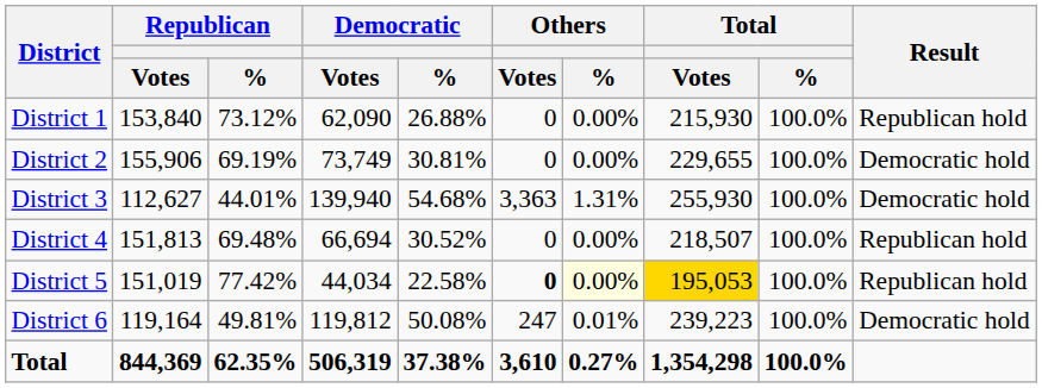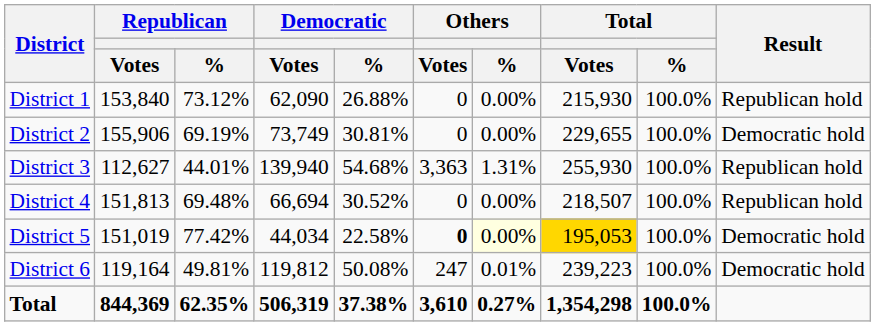 <table class="wikitable plainrowheaders sortable" style="text-align:right;">
 <tr>
 <th scope=col rowspan=3><a href='#'>District</a></th>
 <th scope=col colspan=2><a href='#'>Republican</a></th>
 <th scope=col colspan=2><a href='#'>Democratic</a></th>
 <th scope=col colspan=2>Others</th>
 <th scope=col colspan=2>Total</th>
 <th scope=col rowspan=3>Result</th>
 </tr>
 <tr>
 <th scope=col colspan=2 style="background:"></th>
 <th scope=col colspan=2 style="background:"></th>
 <th scope=col colspan=2></th>
 <th scope=col colspan=2></th>
 </tr>
 <tr>
 <th scope=col data-sort-type="number">Votes</th>
 <th scope=col data-sort-type="number">%</th>
 <th scope=col data-sort-type="number">Votes</th>
 <th scope=col data-sort-type="number">%</th>
 <th scope=col data-sort-type="number">Votes</th>
 <th scope=col data-sort-type="number">%</th>
 <th scope=col data-sort-type="number">Votes</th>
 <th scope=col data-sort-type="number">%</th>
 </tr>
 <tr>
 <td align=left><a href='#'>District 1</a></td>
 <td>153,840</td>
 <td>73.12%</td>
 <td>62,090</td>
 <td>26.88%</td>
 <td>0</td>
 <td>0.00%</td>
 <td>215,930</td>
 <td>100.0%</td>
 <td align=left>Republican hold</td>
 </tr>
 <tr>
 <td align=left><a href='#'>District 2</a></td>
 <td>155,906</td>
 <td>69.19%</td>
 <td>73,749</td>
 <td>30.81%</td>
 <td>0</td>
 <td>0.00%</td>
 <td>229,655</td>
 <td>100.0%</td>
 <td align=left>Democratic hold</td>
 </tr>
 <tr>
 <td align=left><a href='#'>District 3</a></td>
 <td>112,627</td>
 <td>44.01%</td>
 <td>139,940</td>
 <td>54.68%</td>
 <td>3,363</td>
 <td>1.31%</td>
 <td>255,930</td>
 <td>100.0%</td>
-<td align=left>Democratic hold</td>
+<td align=left>Republican hold</td>
 </tr>
 <tr>
 <td align=left><a href='#'>District 4</a></td>
 <td>151,813</td>
 <td>69.48%</td>
 <td>66,694</td>
 <td>30.52%</td>
 <td>0</td>
 <td>0.00%</td>
 <td>218,507</td>
 <td>100.0%</td>
 <td align=left>Republican hold</td>
 </tr>
 <tr>
 <td align=left><a href='#'>District 5</a></td>
 <td>151,019</td>
 <td>77.42%</td>
 <td>44,034</td>
 <td>22.58%</td>
 <td><strong>0</strong></td>
 <td style="background: lightyellow;">0.00%</td>
 <td style="background: gold;">195,053</td>
 <td>100.0%</td>
-<td align=left>Republican hold</td>
+<td align=left>Democratic hold</td>
 </tr>
 <tr>
 <td align=left><a href='#'>District 6</a></td>
 <td>119,164</td>
 <td>49.81%</td>
 <td>119,812</td>
 <td>50.08%</td>
 <td>247</td>
 <td>0.01%</td>
 <td>239,223</td>
 <td>100.0%</td>
 <td align=left>Democratic hold</td>
 </tr>
 <tr class="sortbottom" style="font-weight:bold">
 <td align=left>Total</td>
 <td>844,369</td>
 <td>62.35%</td>
 <td>506,319</td>
 <td>37.38%</td>
 <td>3,610</td>
 <td>0.27%</td>
 <td>1,354,298</td>
 <td>100.0%</td>
 <td></td>
 </tr>
 </table>
